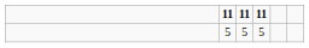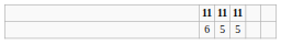 <table class="wikitable">
 <tr>
 <td style="width:18em"><strong></strong></td>
 <td align=center style="width:1em"><strong>11</strong></td>
 <td align=center style="width:1em"><strong>11</strong></td>
 <td align=center style="width:1em"><strong>11</strong></td>
 <td align=center style="width:1em"></td>
 <td align=center style="width:1em"></td>
 </tr>
 <tr>
 <td style="width:18em"></td>
-<td align=center style="width:1em">5</td>
+<td align=center style="width:1em">6</td>
 <td align=center style="width:1em">5</td>
 <td align=center style="width:1em">5</td>
 <td align=center style="width:1em"></td>
 <td align=center style="width:1em"></td>
 </tr>
 </table>
